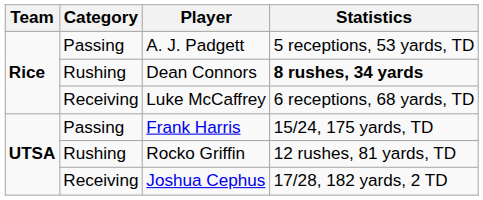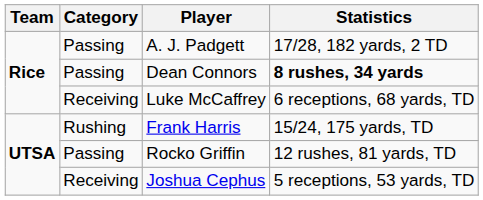 <table class="wikitable" style="float: right;">
 <tr>
 <th>Team</th>
 <th>Category</th>
 <th>Player</th>
 <th>Statistics</th>
 </tr>
 <tr>
 <td rowspan=3><strong>Rice</strong></td>
 <td>Passing</td>
 <td>A. J. Padgett</td>
-<td>5 receptions, 53 yards, TD</td>
+<td>17/28, 182 yards, 2 TD</td>
 </tr>
 <tr>
-<td>Rushing</td>
+<td>Passing</td>
 <td>Dean Connors</td>
 <td><strong>8 rushes, 34 yards</strong></td>
 </tr>
 <tr>
 <td>Receiving</td>
 <td>Luke McCaffrey</td>
 <td>6 receptions, 68 yards, TD</td>
 </tr>
 <tr>
 <td rowspan=3><strong>UTSA</strong></td>
-<td>Passing</td>
+<td>Rushing</td>
 <td><a href='#'>Frank Harris</a></td>
 <td>15/24, 175 yards, TD</td>
 </tr>
 <tr>
-<td>Rushing</td>
+<td>Passing</td>
 <td>Rocko Griffin</td>
 <td>12 rushes, 81 yards, TD</td>
 </tr>
 <tr>
 <td>Receiving</td>
 <td><a href='#'>Joshua Cephus</a></td>
-<td>17/28, 182 yards, 2 TD</td>
+<td>5 receptions, 53 yards, TD</td>
 </tr>
 </table>
